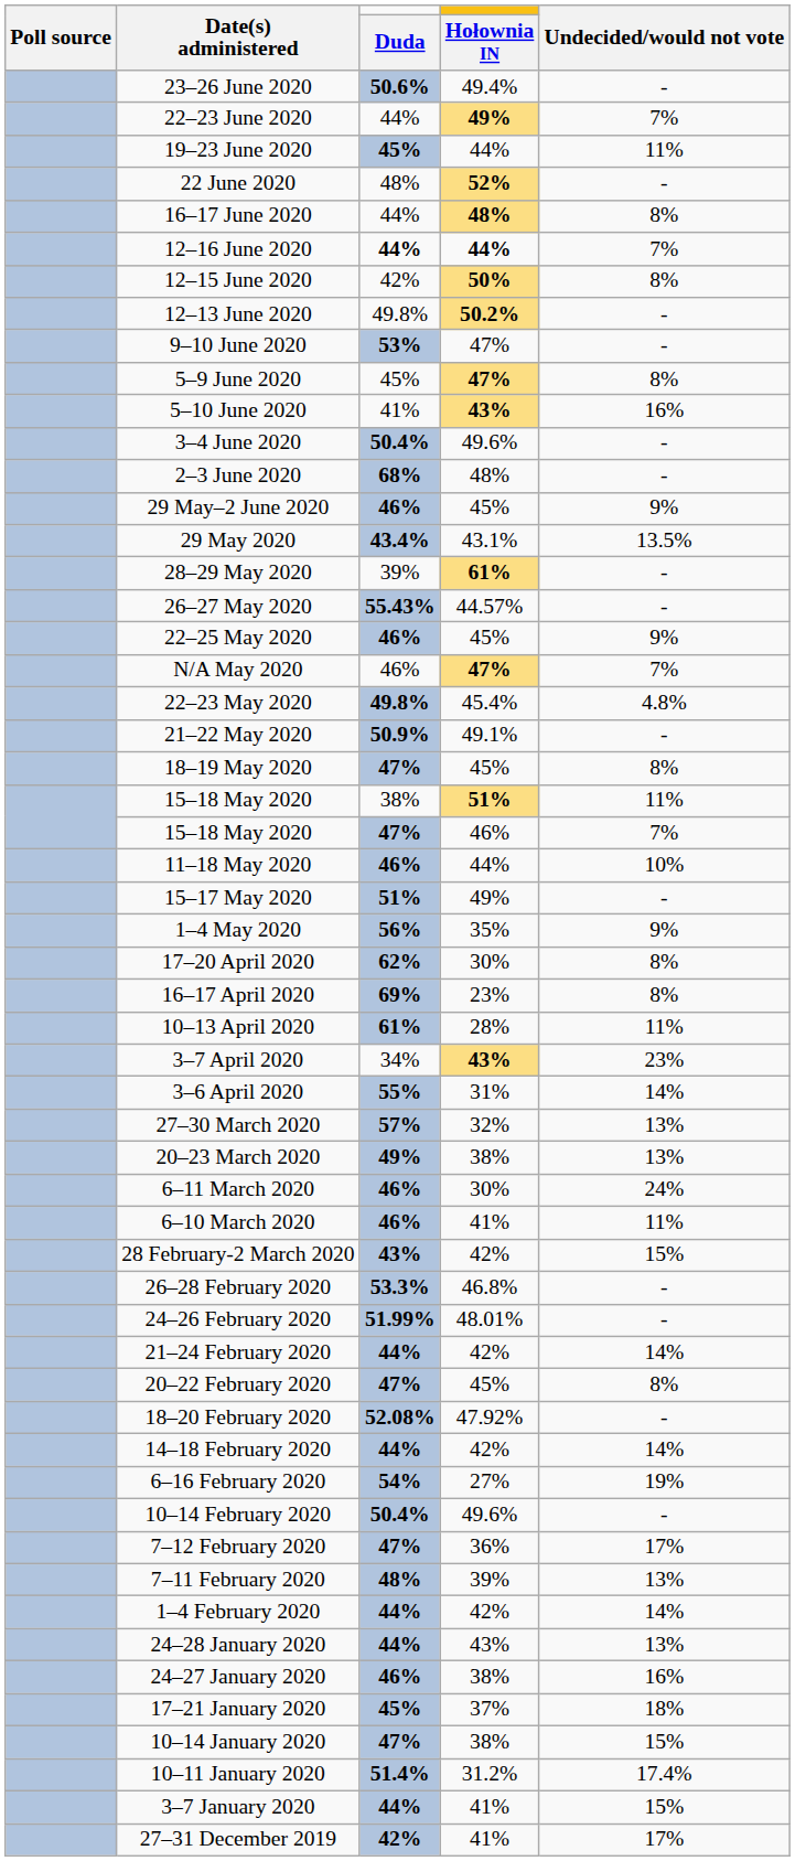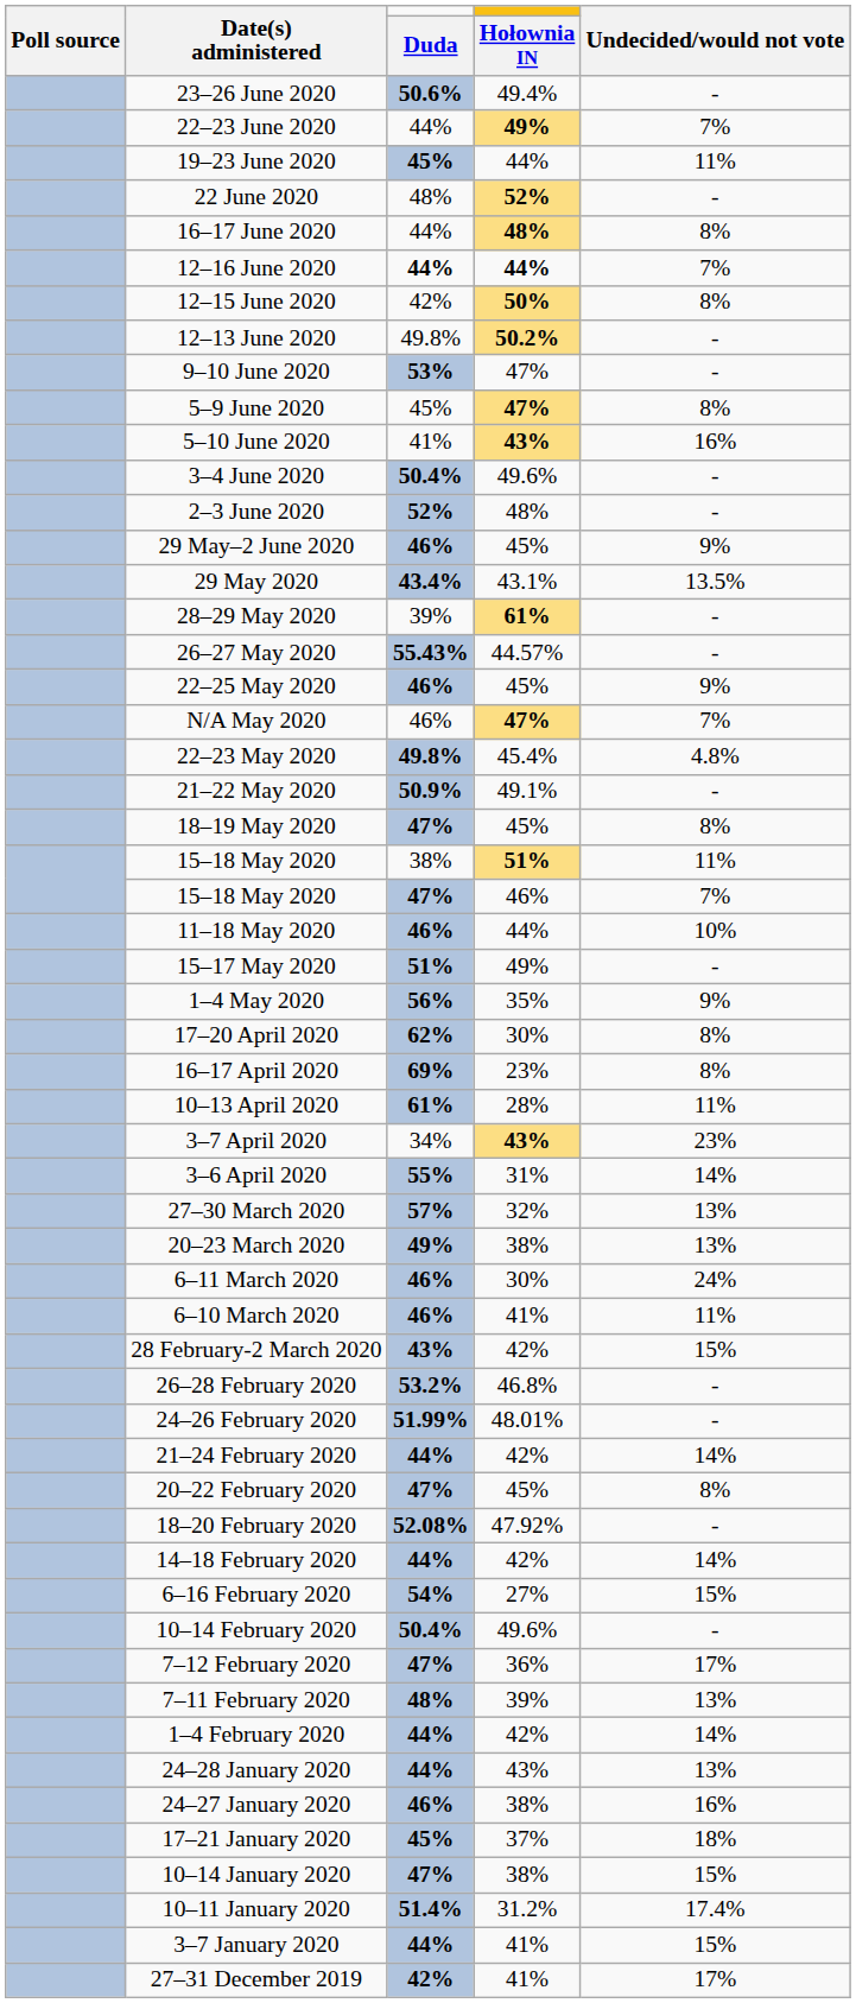 <table class="wikitable" style="text-align:center;font-size:85%;line-height:14px;">
 <tr>
 <th rowspan="2">Poll source</th>
 <th rowspan="2">Date(s)<br>administered</th>
 <td></td>
 <td style="background:#f9c013;"></td>
 <th rowspan="2">Undecided/would not vote</th>
 </tr>
 <tr>
 <th><a href='#'>Duda</a><br></th>
 <th><a href='#'>Hołownia</a><br><small><a href='#'>IN</a></small></th>
 </tr>
 <tr>
 <td style="background:lightsteelblue;"></td>
 <td>23–26 June 2020</td>
 <td style="background:lightsteelblue;"><strong>50.6%</strong></td>
 <td>49.4%</td>
 <td>-</td>
 </tr>
 <tr>
 <td style="background:lightsteelblue;"></td>
 <td>22–23 June 2020</td>
 <td>44%</td>
 <td style="background:#fcde83;"><strong>49%</strong></td>
 <td>7%</td>
 </tr>
 <tr>
 <td style="background:lightsteelblue;"></td>
 <td>19–23 June 2020</td>
 <td style="background:lightsteelblue;"><strong>45%</strong></td>
 <td>44%</td>
 <td>11%</td>
 </tr>
 <tr>
 <td style="background:lightsteelblue;"></td>
 <td>22 June 2020</td>
 <td>48%</td>
 <td style="background:#fcde83;"><strong>52%</strong></td>
 <td>-</td>
 </tr>
 <tr>
 <td style="background:lightsteelblue;"></td>
 <td>16–17 June 2020</td>
 <td>44%</td>
 <td style="background:#fcde83;"><strong>48%</strong></td>
 <td>8%</td>
 </tr>
 <tr>
 <td style="background:lightsteelblue;"></td>
 <td>12–16 June 2020</td>
 <td><strong>44%</strong></td>
 <td><strong>44%</strong></td>
 <td>7%</td>
 </tr>
 <tr>
 <td style="background:lightsteelblue;"></td>
 <td>12–15 June 2020</td>
 <td>42%</td>
 <td style="background:#fcde83;"><strong>50%</strong></td>
 <td>8%</td>
 </tr>
 <tr>
 <td style="background:lightsteelblue;"></td>
 <td>12–13 June 2020</td>
 <td>49.8%</td>
 <td style="background:#fcde83;"><strong>50.2%</strong></td>
 <td>-</td>
 </tr>
 <tr>
 <td style="background:lightsteelblue;"></td>
 <td>9–10 June 2020</td>
 <td style="background:lightsteelblue;"><strong>53%</strong></td>
 <td>47%</td>
 <td>-</td>
 </tr>
 <tr>
 <td style="background:lightsteelblue;"></td>
 <td>5–9 June 2020</td>
 <td>45%</td>
 <td style="background:#fcde83;"><strong>47%</strong></td>
 <td>8%</td>
 </tr>
 <tr>
 <td style="background:lightsteelblue;"></td>
 <td>5–10 June 2020</td>
 <td>41%</td>
 <td style="background:#fcde83;"><strong>43%</strong></td>
 <td>16%</td>
 </tr>
 <tr>
 <td style="background:lightsteelblue;"></td>
 <td>3–4 June 2020</td>
 <td style="background:lightsteelblue;"><strong>50.4%</strong></td>
 <td>49.6%</td>
 <td>-</td>
 </tr>
 <tr>
 <td style="background:lightsteelblue;"></td>
 <td>2–3 June 2020</td>
-<td style="background:lightsteelblue;"><strong>68%</strong></td>
+<td style="background:lightsteelblue;"><strong>52%</strong></td>
 <td>48%</td>
 <td>-</td>
 </tr>
 <tr>
 <td style="background:lightsteelblue;"></td>
 <td>29 May–2 June 2020</td>
 <td style="background:lightsteelblue;"><strong>46%</strong></td>
 <td>45%</td>
 <td>9%</td>
 </tr>
 <tr>
 <td style="background:lightsteelblue;"></td>
 <td>29 May 2020</td>
 <td style="background:lightsteelblue;"><strong>43.4%</strong></td>
 <td>43.1%</td>
 <td>13.5%</td>
 </tr>
 <tr>
 <td style="background:lightsteelblue;"></td>
 <td>28–29 May 2020</td>
 <td>39%</td>
 <td style="background:#fcde83;"><strong>61%</strong></td>
 <td>-</td>
 </tr>
 <tr>
 <td style="background:lightsteelblue;"></td>
 <td>26–27 May 2020</td>
 <td style="background:lightsteelblue;"><strong>55.43%</strong></td>
 <td>44.57%</td>
 <td>-</td>
 </tr>
 <tr>
 <td style="background:lightsteelblue;"></td>
 <td>22–25 May 2020</td>
 <td style="background:lightsteelblue;"><strong>46%</strong></td>
 <td>45%</td>
 <td>9%</td>
 </tr>
 <tr>
 <td style="background:lightsteelblue;"></td>
 <td>N/A May 2020</td>
 <td>46%</td>
 <td style="background:#fcde83;"><strong>47%</strong></td>
 <td>7%</td>
 </tr>
 <tr>
 <td style="background:lightsteelblue;"></td>
 <td>22–23 May 2020</td>
 <td style="background:lightsteelblue;"><strong>49.8%</strong></td>
 <td>45.4%</td>
 <td>4.8%</td>
 </tr>
 <tr>
 <td style="background:lightsteelblue;"></td>
 <td>21–22 May 2020</td>
 <td style="background:lightsteelblue;"><strong>50.9%</strong></td>
 <td>49.1%</td>
 <td>-</td>
 </tr>
 <tr>
 <td style="background:lightsteelblue;"></td>
 <td>18–19 May 2020</td>
 <td style="background:lightsteelblue;"><strong>47%</strong></td>
 <td>45%</td>
 <td>8%</td>
 </tr>
 <tr>
 <td rowspan=2 style="background:lightsteelblue;"></td>
 <td>15–18 May 2020</td>
 <td>38%</td>
 <td style="background:#fcde83;"><strong>51%</strong></td>
 <td>11%</td>
 </tr>
 <tr>
 <td>15–18 May 2020</td>
 <td style="background:lightsteelblue;"><strong>47%</strong></td>
 <td>46%</td>
 <td>7%</td>
 </tr>
 <tr>
 <td style="background:lightsteelblue;"></td>
 <td>11–18 May 2020</td>
 <td style="background:lightsteelblue;"><strong>46%</strong></td>
 <td>44%</td>
 <td>10%</td>
 </tr>
 <tr>
 <td style="background:lightsteelblue;"></td>
 <td>15–17 May 2020</td>
 <td style="background:lightsteelblue;"><strong>51%</strong></td>
 <td>49%</td>
 <td>-</td>
 </tr>
 <tr>
 <td style="background:lightsteelblue;"></td>
 <td>1–4 May 2020</td>
 <td style="background:lightsteelblue;"><strong>56%</strong></td>
 <td>35%</td>
 <td>9%</td>
 </tr>
 <tr>
 <td style="background:lightsteelblue;"></td>
 <td>17–20 April 2020</td>
 <td style="background:lightsteelblue;"><strong>62%</strong></td>
 <td>30%</td>
 <td>8%</td>
 </tr>
 <tr>
 <td style="background:lightsteelblue;"></td>
 <td>16–17 April 2020</td>
 <td style="background:lightsteelblue;"><strong>69%</strong></td>
 <td>23%</td>
 <td>8%</td>
 </tr>
 <tr>
 <td style="background:lightsteelblue;"></td>
 <td>10–13 April 2020</td>
 <td style="background:lightsteelblue;"><strong>61%</strong></td>
 <td>28%</td>
 <td>11%</td>
 </tr>
 <tr>
 <td style="background:lightsteelblue;"></td>
 <td>3–7 April 2020</td>
 <td>34%</td>
 <td style="background:#fcde83;"><strong>43%</strong></td>
 <td>23%</td>
 </tr>
 <tr>
 <td style="background:lightsteelblue;"></td>
 <td>3–6 April 2020</td>
 <td style="background:lightsteelblue;"><strong>55%</strong></td>
 <td>31%</td>
 <td>14%</td>
 </tr>
 <tr>
 <td style="background:lightsteelblue;"></td>
 <td>27–30 March 2020</td>
 <td style="background:lightsteelblue;"><strong>57%</strong></td>
 <td>32%</td>
 <td>13%</td>
 </tr>
 <tr>
 <td style="background:lightsteelblue;"></td>
 <td>20–23 March 2020</td>
 <td style="background:lightsteelblue;"><strong>49%</strong></td>
 <td>38%</td>
 <td>13%</td>
 </tr>
 <tr>
 <td style="background:lightsteelblue;"></td>
 <td>6–11 March 2020</td>
 <td style="background:lightsteelblue;"><strong>46%</strong></td>
 <td>30%</td>
 <td>24%</td>
 </tr>
 <tr>
 <td style="background:lightsteelblue;"></td>
 <td>6–10 March 2020</td>
 <td style="background:lightsteelblue;"><strong>46%</strong></td>
 <td>41%</td>
 <td>11%</td>
 </tr>
 <tr>
 <td style="background:lightsteelblue;"></td>
 <td>28 February-2 March 2020</td>
 <td style="background:lightsteelblue;"><strong>43%</strong></td>
 <td>42%</td>
 <td>15%</td>
 </tr>
 <tr>
 <td style="background:lightsteelblue;"></td>
 <td>26–28 February 2020</td>
-<td style="background:lightsteelblue;"><strong>53.3%</strong></td>
+<td style="background:lightsteelblue;"><strong>53.2%</strong></td>
 <td>46.8%</td>
 <td>-</td>
 </tr>
 <tr>
 <td style="background:lightsteelblue;"></td>
 <td>24–26 February 2020</td>
 <td style="background:lightsteelblue;"><strong>51.99%</strong></td>
 <td>48.01%</td>
 <td>-</td>
 </tr>
 <tr>
 <td style="background:lightsteelblue;"></td>
 <td>21–24 February 2020</td>
 <td style="background:lightsteelblue;"><strong>44%</strong></td>
 <td>42%</td>
 <td>14%</td>
 </tr>
 <tr>
 <td style="background:lightsteelblue;"></td>
 <td>20–22 February 2020</td>
 <td style="background:lightsteelblue;"><strong>47%</strong></td>
 <td>45%</td>
 <td>8%</td>
 </tr>
 <tr>
 <td style="background:lightsteelblue;"></td>
 <td>18–20 February 2020</td>
 <td style="background:lightsteelblue;"><strong>52.08%</strong></td>
 <td>47.92%</td>
 <td>-</td>
 </tr>
 <tr>
 <td style="background:lightsteelblue;"></td>
 <td>14–18 February 2020</td>
 <td style="background:lightsteelblue;"><strong>44%</strong></td>
 <td>42%</td>
 <td>14%</td>
 </tr>
 <tr>
 <td style="background:lightsteelblue;"></td>
 <td>6–16 February 2020</td>
 <td style="background:lightsteelblue;"><strong>54%</strong></td>
 <td>27%</td>
-<td>19%</td>
+<td>15%</td>
 </tr>
 <tr>
 <td style="background:lightsteelblue;"></td>
 <td>10–14 February 2020</td>
 <td style="background:lightsteelblue;"><strong>50.4%</strong></td>
 <td>49.6%</td>
 <td>-</td>
 </tr>
 <tr>
 <td style="background:lightsteelblue;"></td>
 <td>7–12 February 2020</td>
 <td style="background:lightsteelblue;"><strong>47%</strong></td>
 <td>36%</td>
 <td>17%</td>
 </tr>
 <tr>
 <td style="background:lightsteelblue;"></td>
 <td>7–11 February 2020</td>
 <td style="background:lightsteelblue;"><strong>48%</strong></td>
 <td>39%</td>
 <td>13%</td>
 </tr>
 <tr>
 <td style="background:lightsteelblue;"></td>
 <td>1–4 February 2020</td>
 <td style="background:lightsteelblue;"><strong>44%</strong></td>
 <td>42%</td>
 <td>14%</td>
 </tr>
 <tr>
 <td style="background:lightsteelblue;"></td>
 <td>24–28 January 2020</td>
 <td style="background:lightsteelblue;"><strong>44%</strong></td>
 <td>43%</td>
 <td>13%</td>
 </tr>
 <tr>
 <td style="background:lightsteelblue;"></td>
 <td>24–27 January 2020</td>
 <td style="background:lightsteelblue;"><strong>46%</strong></td>
 <td>38%</td>
 <td>16%</td>
 </tr>
 <tr>
 <td style="background:lightsteelblue;"></td>
 <td>17–21 January 2020</td>
 <td style="background:lightsteelblue;"><strong>45%</strong></td>
 <td>37%</td>
 <td>18%</td>
 </tr>
 <tr>
 <td style="background:lightsteelblue;"></td>
 <td>10–14 January 2020</td>
 <td style="background:lightsteelblue;"><strong>47%</strong></td>
 <td>38%</td>
 <td>15%</td>
 </tr>
 <tr>
 <td style="background:lightsteelblue;"></td>
 <td>10–11 January 2020</td>
 <td style="background:lightsteelblue;"><strong>51.4%</strong></td>
 <td>31.2%</td>
 <td>17.4%</td>
 </tr>
 <tr>
 <td style="background:lightsteelblue;"></td>
 <td>3–7 January 2020</td>
 <td style="background:lightsteelblue;"><strong>44%</strong></td>
 <td>41%</td>
 <td>15%</td>
 </tr>
 <tr>
 <td style="background:lightsteelblue;"></td>
 <td>27–31 December 2019</td>
 <td style="background:lightsteelblue;"><strong>42%</strong></td>
 <td>41%</td>
 <td>17%</td>
 </tr>
 </table>
